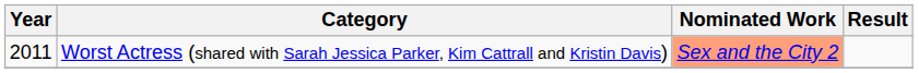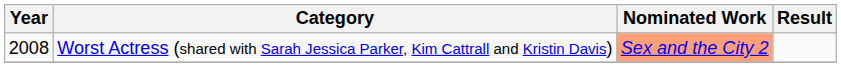 <table class="wikitable">
 <tr>
 <th>Year</th>
 <th>Category</th>
 <th>Nominated Work</th>
 <th>Result</th>
 </tr>
 <tr>
-<td>2011</td>
+<td>2008</td>
 <td><a href='#'>Worst Actress</a> (<small>shared with <a href='#'>Sarah Jessica Parker</a>, <a href='#'>Kim Cattrall</a> and <a href='#'>Kristin Davis</a></small>)</td>
 <td style="background: lightsalmon;"><em><a href='#'>Sex and the City 2</a></em></td>
 <td></td>
 </tr>
 <tr>
 </tr>
 </table>
